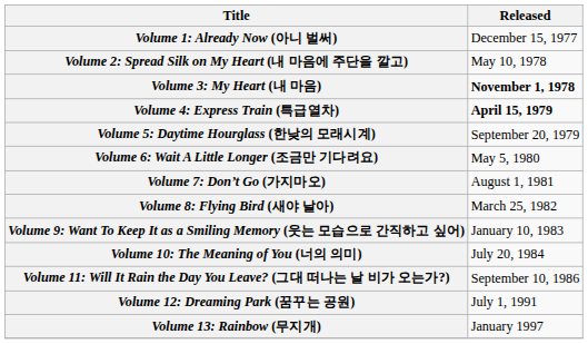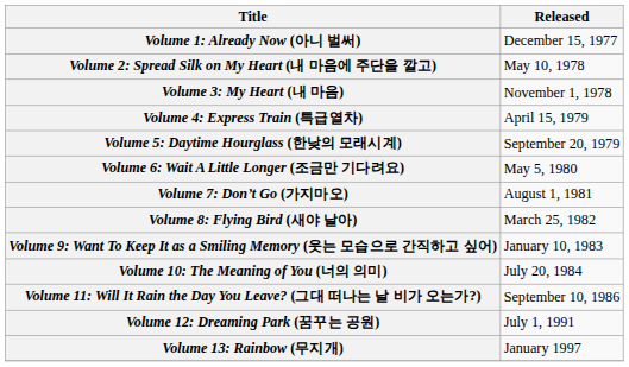 <table class="wikitable plainrowheaders">
 <tr>
 <th scope="col" rowspan="1">Title</th>
 <th scope="col" rowspan="1">Released</th>
 </tr>
 <tr>
 <th scope="row"><em>Volume 1: Already Now</em> (아니 벌써)</th>
 <td>December 15, 1977</td>
 </tr>
 <tr>
 <th scope="row"><em>Volume 2: Spread Silk on My Heart</em> (내 마음에 주단을 깔고)</th>
 <td>May 10, 1978</td>
 </tr>
 <tr>
 <th scope="row"><em>Volume 3: My Heart</em> (내 마음)</th>
-<td><strong>November 1, 1978</strong></td>
+<td>November 1, 1978</td>
 </tr>
 <tr>
 <th scope="row"><em>Volume 4: Express Train</em> (특급열차)</th>
-<td><strong>April 15, 1979</strong></td>
+<td>April 15, 1979</td>
 </tr>
 <tr>
 <th scope="row"><em>Volume 5: Daytime Hourglass</em> (한낮의 모래시계)</th>
 <td>September 20, 1979</td>
 </tr>
 <tr>
 <th scope="row"><em>Volume 6: Wait A Little Longer</em> (조금만 기다려요)</th>
 <td>May 5, 1980</td>
 </tr>
 <tr>
 <th scope="row"><em>Volume 7: Don’t Go</em> (가지마오)</th>
 <td>August 1, 1981</td>
 </tr>
 <tr>
 <th scope="row"><em>Volume 8: Flying Bird</em> (새야 날아)</th>
 <td>March 25, 1982</td>
 </tr>
 <tr>
 <th scope="row"><em>Volume 9: Want To Keep It as a Smiling Memory</em> (웃는 모습으로 간직하고 싶어)</th>
 <td>January 10, 1983</td>
 </tr>
 <tr>
 <th scope="row"><em>Volume 10: The Meaning of You</em> (너의 의미)</th>
 <td>July 20, 1984</td>
 </tr>
 <tr>
 <th scope="row"><em>Volume 11: Will It Rain the Day You Leave?</em> (그대 떠나는 날 비가 오는가?)</th>
 <td>September 10, 1986</td>
 </tr>
 <tr>
 <th scope="row"><em>Volume 12: Dreaming Park</em> (꿈꾸는 공원)</th>
 <td>July 1, 1991</td>
 </tr>
 <tr>
 <th scope="row"><em>Volume 13: Rainbow</em> (무지개)</th>
 <td>January 1997</td>
 </tr>
 <tr>
 </tr>
 </table>
